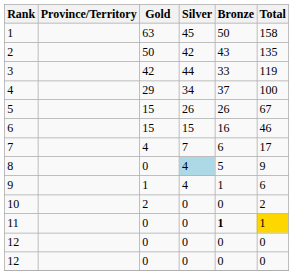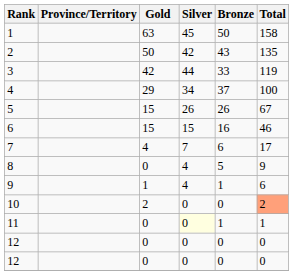 <table class="wikitable">
 <tr>
 <th><strong>Rank</strong></th>
 <th><strong>Province/Territory</strong></th>
 <th bgcolor="gold"><strong> Gold  </strong></th>
 <th bgcolor="silver"><strong>Silver</strong></th>
 <th bgcolor="CC9966"><strong>Bronze</strong></th>
 <th><strong>Total</strong></th>
 </tr>
 <tr>
 <td>1</td>
 <td></td>
 <td>63</td>
 <td>45</td>
 <td>50</td>
 <td>158</td>
 </tr>
 <tr>
 <td>2</td>
 <td></td>
 <td>50</td>
 <td>42</td>
 <td>43</td>
 <td>135</td>
 </tr>
 <tr>
 <td>3</td>
 <td></td>
 <td>42</td>
 <td>44</td>
 <td>33</td>
 <td>119</td>
 </tr>
 <tr>
 <td>4</td>
 <td></td>
 <td>29</td>
 <td>34</td>
 <td>37</td>
 <td>100</td>
 </tr>
 <tr>
 <td>5</td>
 <td><strong></strong></td>
 <td>15</td>
 <td>26</td>
 <td>26</td>
 <td>67</td>
 </tr>
 <tr>
 <td>6</td>
 <td></td>
 <td>15</td>
 <td>15</td>
 <td>16</td>
 <td>46</td>
 </tr>
 <tr>
 <td>7</td>
 <td></td>
 <td>4</td>
 <td>7</td>
 <td>6</td>
 <td>17</td>
 </tr>
 <tr>
 <td>8</td>
 <td></td>
 <td>0</td>
-<td style="background: lightblue;">4</td>
+<td>4</td>
 <td>5</td>
 <td>9</td>
 </tr>
 <tr>
 <td>9</td>
 <td></td>
 <td>1</td>
 <td>4</td>
 <td>1</td>
 <td>6</td>
 </tr>
 <tr>
 <td>10</td>
 <td></td>
 <td>2</td>
 <td>0</td>
 <td>0</td>
-<td>2</td>
+<td style="background: lightsalmon;">2</td>
 </tr>
 <tr>
 <td>11</td>
 <td></td>
 <td>0</td>
-<td>0</td>
-<td><strong>1</strong></td>
-<td style="background: gold;">1</td>
+<td style="background: lightyellow;">0</td>
+<td>1</td>
+<td>1</td>
 </tr>
 <tr>
 <td>12</td>
 <td></td>
 <td>0</td>
 <td>0</td>
 <td>0</td>
 <td>0</td>
 </tr>
 <tr>
 <td>12</td>
 <td></td>
 <td>0</td>
 <td>0</td>
 <td>0</td>
 <td>0</td>
 </tr>
 <tr>
 </tr>
 </table>
